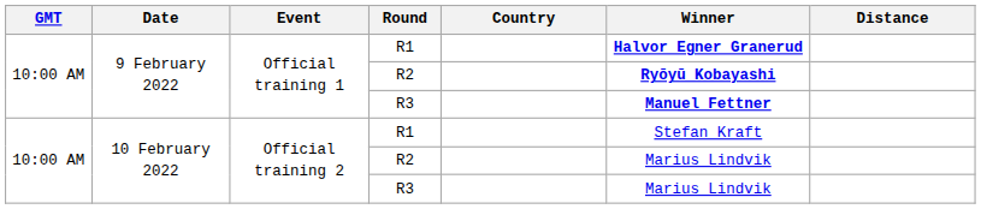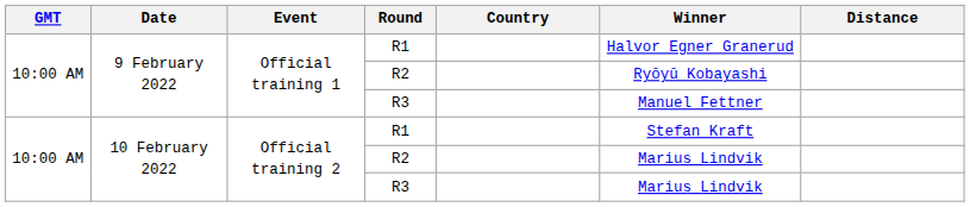 <table class="wikitable" style="background:#fff; font-size:88%; text-align:center; line-height:16px; border:grey solid 1px; border-collapse:collapse;">
 <tr>
 <th width=60><a href='#'>GMT</a></th>
 <th width=100>Date</th>
 <th width=100>Event</th>
 <th width=50>Round</th>
 <th width=120>Country</th>
 <th width=150>Winner</th>
 <th width=120>Distance</th>
 </tr>
 <tr>
 <td rowspan=3>10:00 AM</td>
 <td rowspan=3>9 February 2022</td>
 <td rowspan=3>Official training 1</td>
 <td>R1</td>
 <td></td>
-<td><strong><a href='#'>Halvor Egner Granerud</a></strong></td>
+<td><a href='#'>Halvor Egner Granerud</a></td>
 <td></td>
 </tr>
 <tr>
 <td>R2</td>
 <td></td>
-<td><strong><a href='#'>Ryōyū Kobayashi</a></strong></td>
+<td><a href='#'>Ryōyū Kobayashi</a></td>
 <td></td>
 </tr>
 <tr>
 <td>R3</td>
 <td></td>
-<td><strong><a href='#'>Manuel Fettner</a></strong></td>
+<td><a href='#'>Manuel Fettner</a></td>
 <td></td>
 </tr>
 <tr>
 <td rowspan=3>10:00 AM</td>
 <td rowspan=3>10 February 2022</td>
 <td rowspan=3>Official training 2</td>
 <td>R1</td>
 <td></td>
 <td><a href='#'>Stefan Kraft</a></td>
 <td></td>
 </tr>
 <tr>
 <td>R2</td>
 <td></td>
 <td><a href='#'>Marius Lindvik</a></td>
 <td></td>
 </tr>
 <tr>
 <td>R3</td>
 <td></td>
 <td><a href='#'>Marius Lindvik</a></td>
 <td></td>
 </tr>
 </table>
